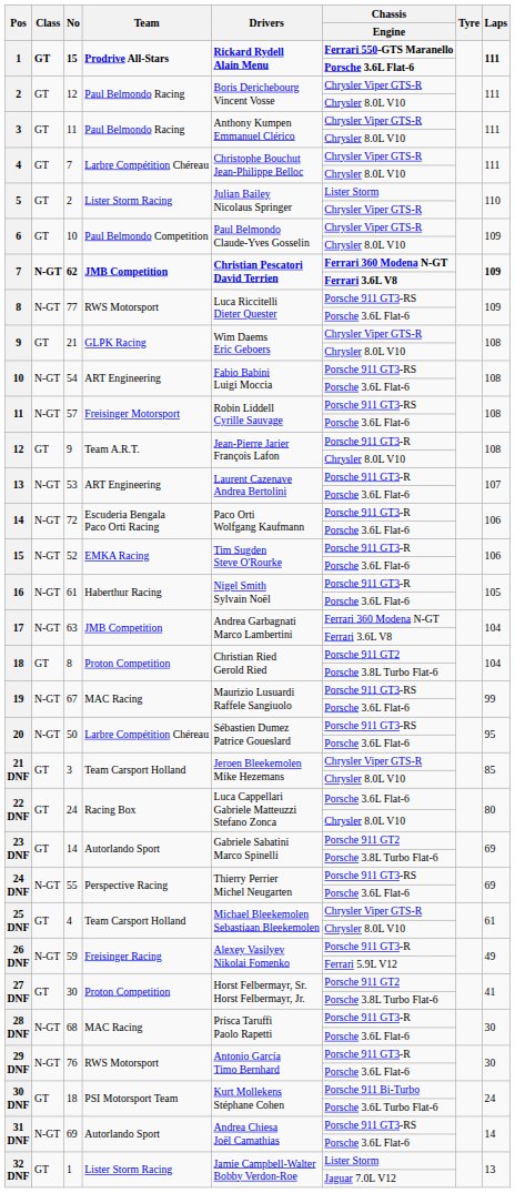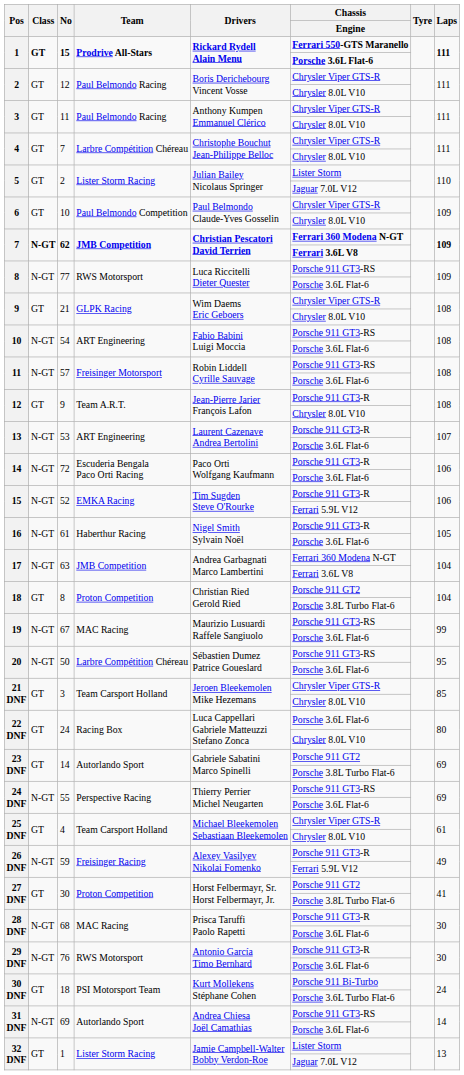 <table class="wikitable" style="font-size: 95%;">
 <tr>
 <th rowspan=2>Pos</th>
 <th rowspan=2>Class</th>
 <th rowspan=2>No</th>
 <th rowspan=2>Team</th>
 <th rowspan=2>Drivers</th>
 <th>Chassis</th>
 <th rowspan=2>Tyre</th>
 <th rowspan=2>Laps</th>
 </tr>
 <tr>
 <th>Engine</th>
 </tr>
 <tr style="font-weight:bold">
 <th rowspan=2>1</th>
 <td rowspan=2>GT</td>
 <td rowspan=2>15</td>
 <td rowspan=2> <a href='#'>Prodrive</a> All-Stars</td>
 <td rowspan=2> <a href='#'>Rickard Rydell</a><br> <a href='#'>Alain Menu</a></td>
 <td><a href='#'>Ferrari 550</a>-GTS Maranello</td>
 <td rowspan=2></td>
 <td rowspan=2>111</td>
 </tr>
 <tr style="font-weight:bold">
 <td><a href='#'>Porsche</a> 3.6L Flat-6</td>
 </tr>
 <tr>
 <th rowspan=2>2</th>
 <td rowspan=2>GT</td>
 <td rowspan=2>12</td>
 <td rowspan=2> <a href='#'>Paul Belmondo</a> Racing</td>
 <td rowspan=2> <a href='#'>Boris Derichebourg</a><br> Vincent Vosse</td>
 <td><a href='#'>Chrysler Viper GTS-R</a></td>
 <td rowspan=2></td>
 <td rowspan=2>111</td>
 </tr>
 <tr>
 <td><a href='#'>Chrysler</a> 8.0L V10</td>
 </tr>
 <tr>
 <th rowspan=2>3</th>
 <td rowspan=2>GT</td>
 <td rowspan=2>11</td>
 <td rowspan=2> <a href='#'>Paul Belmondo</a> Racing</td>
 <td rowspan=2> Anthony Kumpen<br> <a href='#'>Emmanuel Clérico</a></td>
 <td><a href='#'>Chrysler Viper GTS-R</a></td>
 <td rowspan=2></td>
 <td rowspan=2>111</td>
 </tr>
 <tr>
 <td><a href='#'>Chrysler</a> 8.0L V10</td>
 </tr>
 <tr>
 <th rowspan=2>4</th>
 <td rowspan=2>GT</td>
 <td rowspan=2>7</td>
 <td rowspan=2> <a href='#'>Larbre Compétition</a> Chéreau</td>
 <td rowspan=2> <a href='#'>Christophe Bouchut</a><br> <a href='#'>Jean-Philippe Belloc</a></td>
 <td><a href='#'>Chrysler Viper GTS-R</a></td>
 <td rowspan=2></td>
 <td rowspan=2>111</td>
 </tr>
 <tr>
 <td><a href='#'>Chrysler</a> 8.0L V10</td>
 </tr>
 <tr>
 <th rowspan=2>5</th>
 <td rowspan=2>GT</td>
 <td rowspan=2>2</td>
 <td rowspan=2> <a href='#'>Lister Storm Racing</a></td>
 <td rowspan=2> <a href='#'>Julian Bailey</a><br> Nicolaus Springer</td>
 <td><a href='#'>Lister Storm</a></td>
 <td rowspan=2></td>
 <td rowspan=2>110</td>
 </tr>
 <tr>
-<td><a href='#'>Chrysler Viper GTS-R</a></td>
+<td><a href='#'>Jaguar</a> 7.0L V12</td>
 </tr>
 <tr>
 <th rowspan=2>6</th>
 <td rowspan=2>GT</td>
 <td rowspan=2>10</td>
 <td rowspan=2> <a href='#'>Paul Belmondo</a> Competition</td>
 <td rowspan=2> <a href='#'>Paul Belmondo</a><br> Claude-Yves Gosselin</td>
 <td><a href='#'>Chrysler Viper GTS-R</a></td>
 <td rowspan=2></td>
 <td rowspan=2>109</td>
 </tr>
 <tr>
 <td><a href='#'>Chrysler</a> 8.0L V10</td>
 </tr>
 <tr style="font-weight:bold">
 <th rowspan=2>7</th>
 <td rowspan=2>N-GT</td>
 <td rowspan=2>62</td>
 <td rowspan=2> <a href='#'>JMB Competition</a></td>
 <td rowspan=2> <a href='#'>Christian Pescatori</a><br> <a href='#'>David Terrien</a></td>
 <td><a href='#'>Ferrari 360 Modena</a> N-GT</td>
 <td rowspan=2></td>
 <td rowspan=2>109</td>
 </tr>
 <tr style="font-weight:bold">
 <td><a href='#'>Ferrari</a> 3.6L V8</td>
 </tr>
 <tr>
 <th rowspan=2>8</th>
 <td rowspan=2>N-GT</td>
 <td rowspan=2>77</td>
 <td rowspan=2> RWS Motorsport</td>
 <td rowspan=2> Luca Riccitelli<br> <a href='#'>Dieter Quester</a></td>
 <td><a href='#'>Porsche 911 GT3</a>-RS</td>
 <td rowspan=2></td>
 <td rowspan=2>109</td>
 </tr>
 <tr>
 <td><a href='#'>Porsche</a> 3.6L Flat-6</td>
 </tr>
 <tr>
 <th rowspan=2>9</th>
 <td rowspan=2>GT</td>
 <td rowspan=2>21</td>
 <td rowspan=2> <a href='#'>GLPK Racing</a></td>
 <td rowspan=2> Wim Daems<br> <a href='#'>Eric Geboers</a></td>
 <td><a href='#'>Chrysler Viper GTS-R</a></td>
 <td rowspan=2></td>
 <td rowspan=2>108</td>
 </tr>
 <tr>
 <td><a href='#'>Chrysler</a> 8.0L V10</td>
 </tr>
 <tr>
 <th rowspan=2>10</th>
 <td rowspan=2>N-GT</td>
 <td rowspan=2>54</td>
 <td rowspan=2> ART Engineering</td>
 <td rowspan=2> <a href='#'>Fabio Babini</a><br> Luigi Moccia</td>
 <td><a href='#'>Porsche 911 GT3</a>-RS</td>
 <td rowspan=2></td>
 <td rowspan=2>108</td>
 </tr>
 <tr>
 <td><a href='#'>Porsche</a> 3.6L Flat-6</td>
 </tr>
 <tr>
 <th rowspan=2>11</th>
 <td rowspan=2>N-GT</td>
 <td rowspan=2>57</td>
 <td rowspan=2> <a href='#'>Freisinger Motorsport</a></td>
 <td rowspan=2> Robin Liddell<br> <a href='#'>Cyrille Sauvage</a></td>
 <td><a href='#'>Porsche 911 GT3</a>-RS</td>
 <td rowspan=2></td>
 <td rowspan=2>108</td>
 </tr>
 <tr>
 <td><a href='#'>Porsche</a> 3.6L Flat-6</td>
 </tr>
 <tr>
 <th rowspan=2>12</th>
 <td rowspan=2>GT</td>
 <td rowspan=2>9</td>
 <td rowspan=2> Team A.R.T.</td>
 <td rowspan=2> <a href='#'>Jean-Pierre Jarier</a><br> François Lafon</td>
 <td><a href='#'>Porsche 911 GT3</a>-R</td>
 <td rowspan=2></td>
 <td rowspan=2>108</td>
 </tr>
 <tr>
 <td><a href='#'>Chrysler</a> 8.0L V10</td>
 </tr>
 <tr>
 <th rowspan=2>13</th>
 <td rowspan=2>N-GT</td>
 <td rowspan=2>53</td>
 <td rowspan=2> ART Engineering</td>
 <td rowspan=2> <a href='#'>Laurent Cazenave</a><br> <a href='#'>Andrea Bertolini</a></td>
 <td><a href='#'>Porsche 911 GT3</a>-R</td>
 <td rowspan=2></td>
 <td rowspan=2>107</td>
 </tr>
 <tr>
 <td><a href='#'>Porsche</a> 3.6L Flat-6</td>
 </tr>
 <tr>
 <th rowspan=2>14</th>
 <td rowspan=2>N-GT</td>
 <td rowspan=2>72</td>
 <td rowspan=2> Escuderia Bengala<br> Paco Orti Racing</td>
 <td rowspan=2> Paco Orti<br> Wolfgang Kaufmann</td>
 <td><a href='#'>Porsche 911 GT3</a>-R</td>
 <td rowspan=2></td>
 <td rowspan=2>106</td>
 </tr>
 <tr>
 <td><a href='#'>Porsche</a> 3.6L Flat-6</td>
 </tr>
 <tr>
 <th rowspan=2>15</th>
 <td rowspan=2>N-GT</td>
 <td rowspan=2>52</td>
 <td rowspan=2> <a href='#'>EMKA Racing</a></td>
 <td rowspan=2> <a href='#'>Tim Sugden</a><br> <a href='#'>Steve O'Rourke</a></td>
 <td><a href='#'>Porsche 911 GT3</a>-R</td>
 <td rowspan=2></td>
 <td rowspan=2>106</td>
 </tr>
 <tr>
-<td><a href='#'>Porsche</a> 3.6L Flat-6</td>
+<td><a href='#'>Ferrari</a> 5.9L V12</td>
 </tr>
 <tr>
 <th rowspan=2>16</th>
 <td rowspan=2>N-GT</td>
 <td rowspan=2>61</td>
 <td rowspan=2> Haberthur Racing</td>
 <td rowspan=2> <a href='#'>Nigel Smith</a><br> Sylvain Noël</td>
 <td><a href='#'>Porsche 911 GT3</a>-R</td>
 <td rowspan=2></td>
 <td rowspan=2>105</td>
 </tr>
 <tr>
 <td><a href='#'>Porsche</a> 3.6L Flat-6</td>
 </tr>
 <tr>
 <th rowspan=2>17</th>
 <td rowspan=2>N-GT</td>
 <td rowspan=2>63</td>
 <td rowspan=2> <a href='#'>JMB Competition</a></td>
 <td rowspan=2> Andrea Garbagnati<br> Marco Lambertini</td>
 <td><a href='#'>Ferrari 360 Modena</a> N-GT</td>
 <td rowspan=2></td>
 <td rowspan=2>104</td>
 </tr>
 <tr>
 <td><a href='#'>Ferrari</a> 3.6L V8</td>
 </tr>
 <tr>
 <th rowspan=2>18</th>
 <td rowspan=2>GT</td>
 <td rowspan=2>8</td>
 <td rowspan=2> <a href='#'>Proton Competition</a></td>
 <td rowspan=2> Christian Ried<br> Gerold Ried</td>
 <td><a href='#'>Porsche 911 GT2</a></td>
 <td rowspan=2></td>
 <td rowspan=2>104</td>
 </tr>
 <tr>
 <td><a href='#'>Porsche</a> 3.8L Turbo Flat-6</td>
 </tr>
 <tr>
 <th rowspan=2>19</th>
 <td rowspan=2>N-GT</td>
 <td rowspan=2>67</td>
 <td rowspan=2> MAC Racing</td>
 <td rowspan=2> Maurizio Lusuardi<br> Raffele Sangiuolo</td>
 <td><a href='#'>Porsche 911 GT3</a>-RS</td>
 <td rowspan=2></td>
 <td rowspan=2>99</td>
 </tr>
 <tr>
 <td><a href='#'>Porsche</a> 3.6L Flat-6</td>
 </tr>
 <tr>
 <th rowspan=2>20</th>
 <td rowspan=2>N-GT</td>
 <td rowspan=2>50</td>
 <td rowspan=2> <a href='#'>Larbre Compétition</a> Chéreau</td>
 <td rowspan=2> Sébastien Dumez<br> Patrice Goueslard</td>
 <td><a href='#'>Porsche 911 GT3</a>-RS</td>
 <td rowspan=2></td>
 <td rowspan=2>95</td>
 </tr>
 <tr>
 <td><a href='#'>Porsche</a> 3.6L Flat-6</td>
 </tr>
 <tr>
 <th rowspan=2>21<br>DNF</th>
 <td rowspan=2>GT</td>
 <td rowspan=2>3</td>
 <td rowspan=2> Team Carsport Holland</td>
 <td rowspan=2> <a href='#'>Jeroen Bleekemolen</a><br> Mike Hezemans</td>
 <td><a href='#'>Chrysler Viper GTS-R</a></td>
 <td rowspan=2></td>
 <td rowspan=2>85</td>
 </tr>
 <tr>
 <td><a href='#'>Chrysler</a> 8.0L V10</td>
 </tr>
 <tr>
 <th rowspan=2>22<br>DNF</th>
 <td rowspan=2>GT</td>
 <td rowspan=2>24</td>
 <td rowspan=2> Racing Box</td>
 <td rowspan=2> Luca Cappellari<br> Gabriele Matteuzzi<br> Stefano Zonca</td>
 <td><a href='#'>Porsche</a> 3.6L Flat-6</td>
 <td rowspan=2></td>
 <td rowspan=2>80</td>
 </tr>
 <tr>
 <td><a href='#'>Chrysler</a> 8.0L V10</td>
 </tr>
 <tr>
 <th rowspan=2>23<br>DNF</th>
 <td rowspan=2>GT</td>
 <td rowspan=2>14</td>
 <td rowspan=2> Autorlando Sport</td>
 <td rowspan=2> Gabriele Sabatini<br> Marco Spinelli</td>
 <td><a href='#'>Porsche 911 GT2</a></td>
 <td rowspan=2></td>
 <td rowspan=2>69</td>
 </tr>
 <tr>
 <td><a href='#'>Porsche</a> 3.8L Turbo Flat-6</td>
 </tr>
 <tr>
 <th rowspan=2>24<br>DNF</th>
 <td rowspan=2>N-GT</td>
 <td rowspan=2>55</td>
 <td rowspan=2> Perspective Racing</td>
 <td rowspan=2> Thierry Perrier<br> Michel Neugarten</td>
 <td><a href='#'>Porsche 911 GT3</a>-RS</td>
 <td rowspan=2></td>
 <td rowspan=2>69</td>
 </tr>
 <tr>
 <td><a href='#'>Porsche</a> 3.6L Flat-6</td>
 </tr>
 <tr>
 <th rowspan=2>25<br>DNF</th>
 <td rowspan=2>GT</td>
 <td rowspan=2>4</td>
 <td rowspan=2> Team Carsport Holland</td>
 <td rowspan=2> <a href='#'>Michael Bleekemolen</a><br> <a href='#'>Sebastiaan Bleekemolen</a></td>
 <td><a href='#'>Chrysler Viper GTS-R</a></td>
 <td rowspan=2></td>
 <td rowspan=2>61</td>
 </tr>
 <tr>
 <td><a href='#'>Chrysler</a> 8.0L V10</td>
 </tr>
 <tr>
 <th rowspan=2>26<br>DNF</th>
 <td rowspan=2>N-GT</td>
 <td rowspan=2>59</td>
 <td rowspan=2> <a href='#'>Freisinger Racing</a></td>
 <td rowspan=2> <a href='#'>Alexey Vasilyev</a><br> <a href='#'>Nikolai Fomenko</a></td>
 <td><a href='#'>Porsche 911 GT3</a>-R</td>
 <td rowspan=2></td>
 <td rowspan=2>49</td>
 </tr>
 <tr>
 <td><a href='#'>Ferrari</a> 5.9L V12</td>
 </tr>
 <tr>
 <th rowspan=2>27<br>DNF</th>
 <td rowspan=2>GT</td>
 <td rowspan=2>30</td>
 <td rowspan=2> <a href='#'>Proton Competition</a></td>
 <td rowspan=2> Horst Felbermayr, Sr.<br> Horst Felbermayr, Jr.</td>
 <td><a href='#'>Porsche 911 GT2</a></td>
 <td rowspan=2></td>
 <td rowspan=2>41</td>
 </tr>
 <tr>
 <td><a href='#'>Porsche</a> 3.8L Turbo Flat-6</td>
 </tr>
 <tr>
 <th rowspan=2>28<br>DNF</th>
 <td rowspan=2>N-GT</td>
 <td rowspan=2>68</td>
 <td rowspan=2> MAC Racing</td>
 <td rowspan=2> Prisca Taruffi<br> Paolo Rapetti</td>
 <td><a href='#'>Porsche 911 GT3</a>-R</td>
 <td rowspan=2></td>
 <td rowspan=2>30</td>
 </tr>
 <tr>
 <td><a href='#'>Porsche</a> 3.6L Flat-6</td>
 </tr>
 <tr>
 <th rowspan=2>29<br>DNF</th>
 <td rowspan=2>N-GT</td>
 <td rowspan=2>76</td>
 <td rowspan=2> RWS Motorsport</td>
 <td rowspan=2> <a href='#'>Antonio García</a><br> <a href='#'>Timo Bernhard</a></td>
 <td><a href='#'>Porsche 911 GT3</a>-R</td>
 <td rowspan=2></td>
 <td rowspan=2>30</td>
 </tr>
 <tr>
 <td><a href='#'>Porsche</a> 3.6L Flat-6</td>
 </tr>
 <tr>
 <th rowspan=2>30<br>DNF</th>
 <td rowspan=2>GT</td>
 <td rowspan=2>18</td>
 <td rowspan=2> PSI Motorsport Team</td>
 <td rowspan=2> <a href='#'>Kurt Mollekens</a><br> Stéphane Cohen</td>
 <td><a href='#'>Porsche 911 Bi-Turbo</a></td>
 <td rowspan=2></td>
 <td rowspan=2>24</td>
 </tr>
 <tr>
 <td><a href='#'>Porsche</a> 3.6L Turbo Flat-6</td>
 </tr>
 <tr>
 <th rowspan=2>31<br>DNF</th>
 <td rowspan=2>N-GT</td>
 <td rowspan=2>69</td>
 <td rowspan=2> Autorlando Sport</td>
 <td rowspan=2> <a href='#'>Andrea Chiesa</a><br> <a href='#'>Joël Camathias</a></td>
 <td><a href='#'>Porsche 911 GT3</a>-RS</td>
 <td rowspan=2></td>
 <td rowspan=2>14</td>
 </tr>
 <tr>
 <td><a href='#'>Porsche</a> 3.6L Flat-6</td>
 </tr>
 <tr>
 <th rowspan=2>32<br>DNF</th>
 <td rowspan=2>GT</td>
 <td rowspan=2>1</td>
 <td rowspan=2> <a href='#'>Lister Storm Racing</a></td>
 <td rowspan=2> <a href='#'>Jamie Campbell-Walter</a><br> <a href='#'>Bobby Verdon-Roe</a></td>
 <td><a href='#'>Lister Storm</a></td>
 <td rowspan=2></td>
 <td rowspan=2>13</td>
 </tr>
 <tr>
 <td><a href='#'>Jaguar</a> 7.0L V12</td>
 </tr>
 </table>
